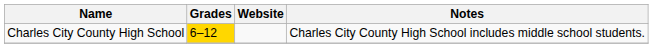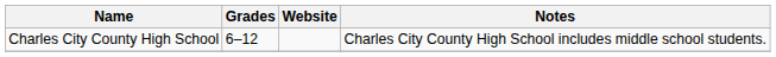 <table class="wikitable">
 <tr>
 <th>Name</th>
 <th>Grades</th>
 <th>Website</th>
 <th>Notes</th>
 </tr>
 <tr>
 <td>Charles City County High School</td>
-<td style="background: gold;">6–12</td>
+<td>6–12</td>
 <td></td>
 <td>Charles City County High School includes middle school students.</td>
 </tr>
 <tr>
 </tr>
 </table>
